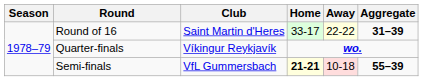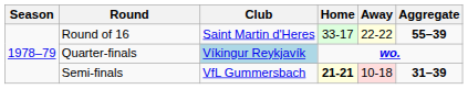 <table class="wikitable">
 <tr>
 <th>Season</th>
 <th width=175>Round</th>
 <th>Club</th>
 <th>Home</th>
 <th>Away</th>
 <th>Aggregate</th>
 </tr>
 <tr>
 <td rowspan=3><a href='#'>1978–79</a></td>
 <td>Round of 16</td>
 <td> <a href='#'>Saint Martin d'Heres</a></td>
 <td style="text-align:center; background:#dfd;">33-17</td>
 <td style="text-align:center; background:#ffd;">22-22</td>
-<td style="text-align:center;"><strong>31–39</strong></td>
+<td style="text-align:center;"><strong>55–39</strong></td>
 </tr>
 <tr>
 <td>Quarter-finals</td>
-<td> <a href='#'>Víkingur Reykjavík</a></td>
+<td style="background: lightblue;"> <a href='#'>Víkingur Reykjavík</a></td>
 <td colspan=3; style="text-align:center;"><strong><em><a href='#'>wo.</a></em></strong></td>
 </tr>
 <tr>
 <td>Semi-finals</td>
 <td> <a href='#'>VfL Gummersbach</a></td>
 <td style="text-align:center; background:#ffd;"><strong>21-21</strong></td>
 <td style="text-align:center; background:#fdd;">10-18</td>
-<td style="text-align:center;"><strong>55–39</strong></td>
+<td style="text-align:center;"><strong>31–39</strong></td>
 </tr>
 </table>
